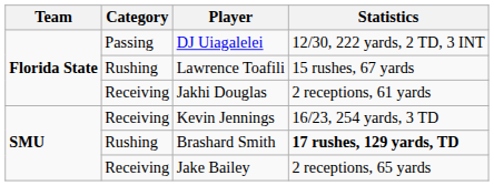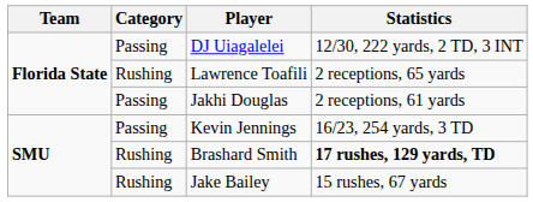 <table class="wikitable" style="float: right;">
 <tr>
 <th>Team</th>
 <th>Category</th>
 <th>Player</th>
 <th>Statistics</th>
 </tr>
 <tr>
 <td rowspan=3><strong>Florida State</strong></td>
 <td>Passing</td>
 <td><a href='#'>DJ Uiagalelei</a></td>
 <td>12/30, 222 yards, 2 TD, 3 INT</td>
 </tr>
 <tr>
 <td>Rushing</td>
 <td>Lawrence Toafili</td>
-<td>15 rushes, 67 yards</td>
+<td>2 receptions, 65 yards</td>
 </tr>
 <tr>
-<td>Receiving</td>
+<td>Passing</td>
 <td>Jakhi Douglas</td>
 <td>2 receptions, 61 yards</td>
 </tr>
 <tr>
 <td rowspan=3><strong>SMU</strong></td>
-<td>Receiving</td>
+<td>Passing</td>
 <td>Kevin Jennings</td>
 <td>16/23, 254 yards, 3 TD</td>
 </tr>
 <tr>
 <td>Rushing</td>
 <td>Brashard Smith</td>
 <td><strong>17 rushes, 129 yards, TD</strong></td>
 </tr>
 <tr>
-<td>Receiving</td>
+<td>Rushing</td>
 <td>Jake Bailey</td>
-<td>2 receptions, 65 yards</td>
+<td>15 rushes, 67 yards</td>
 </tr>
 </table>
